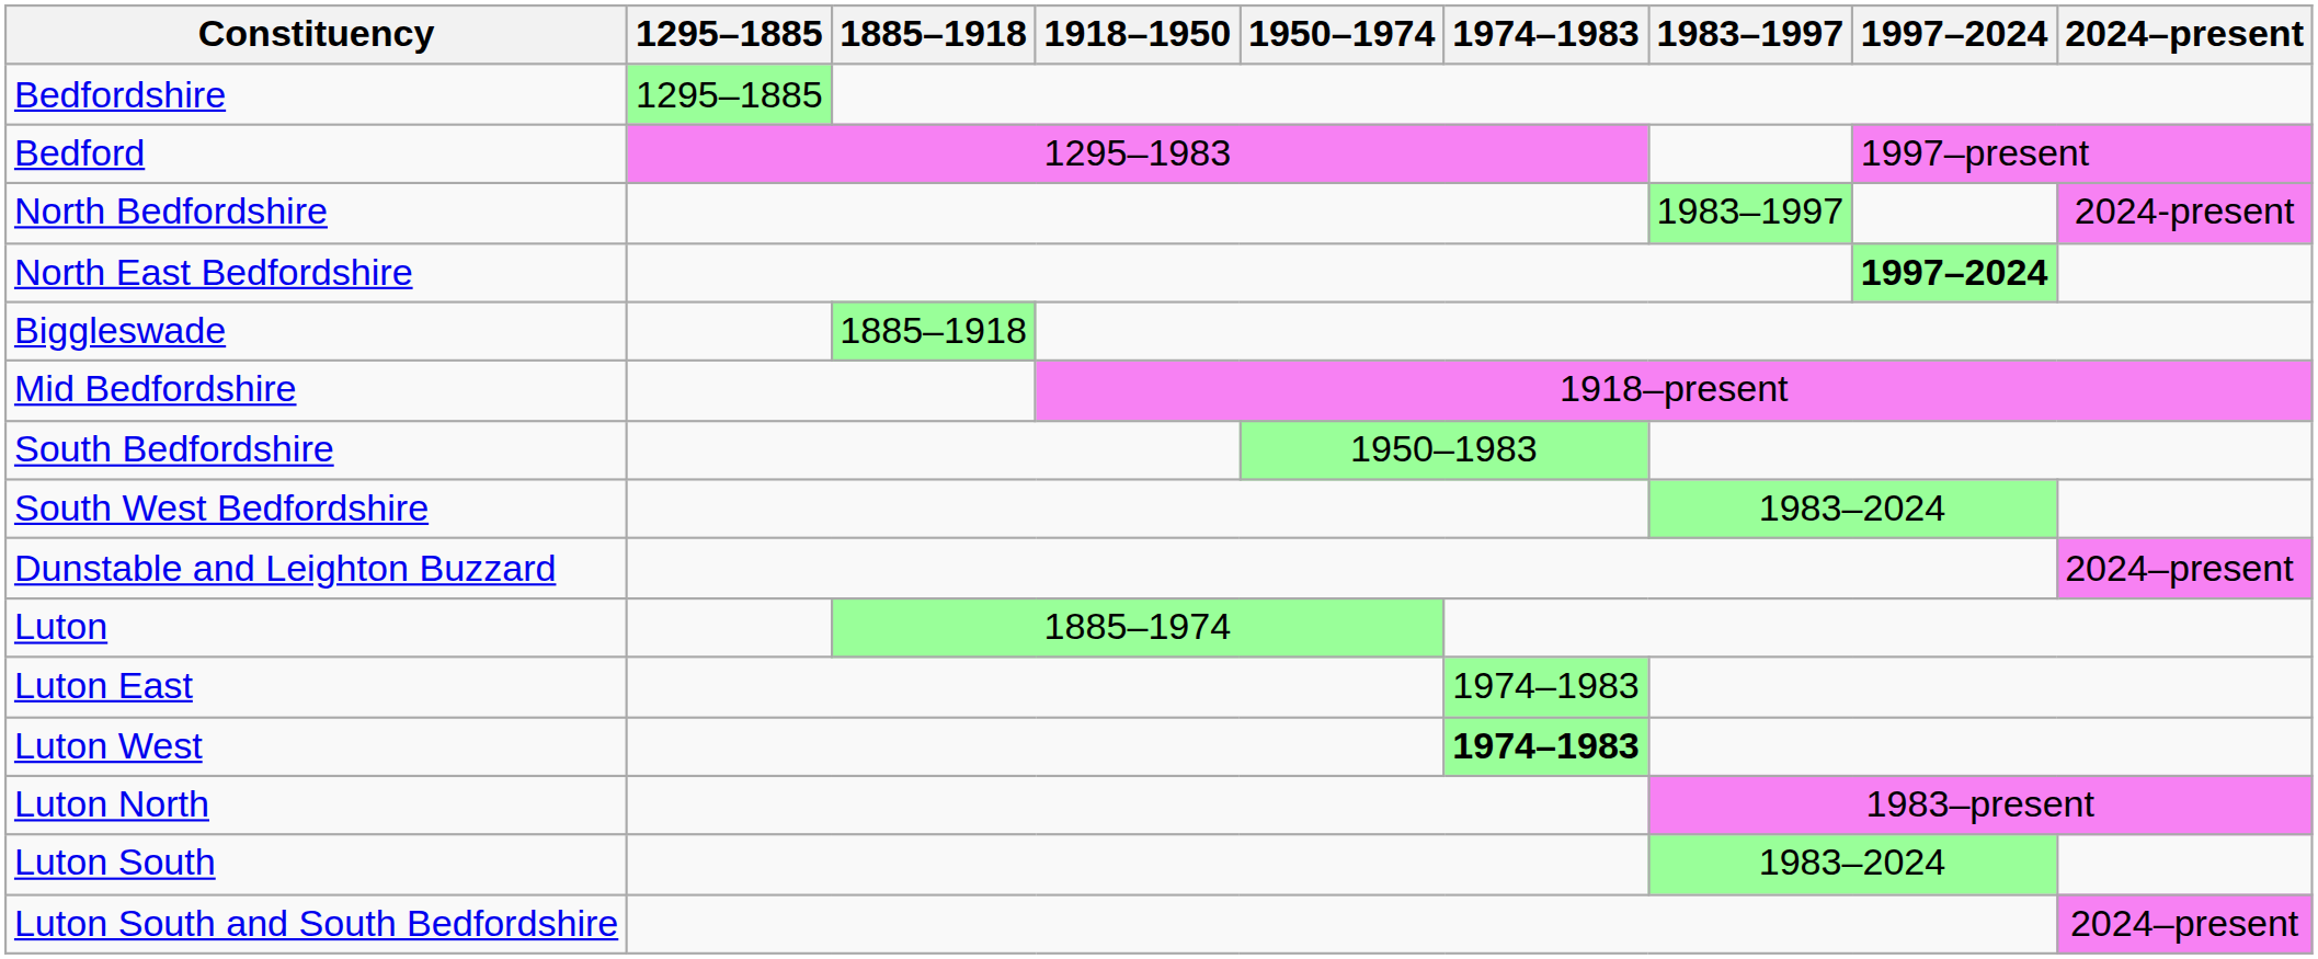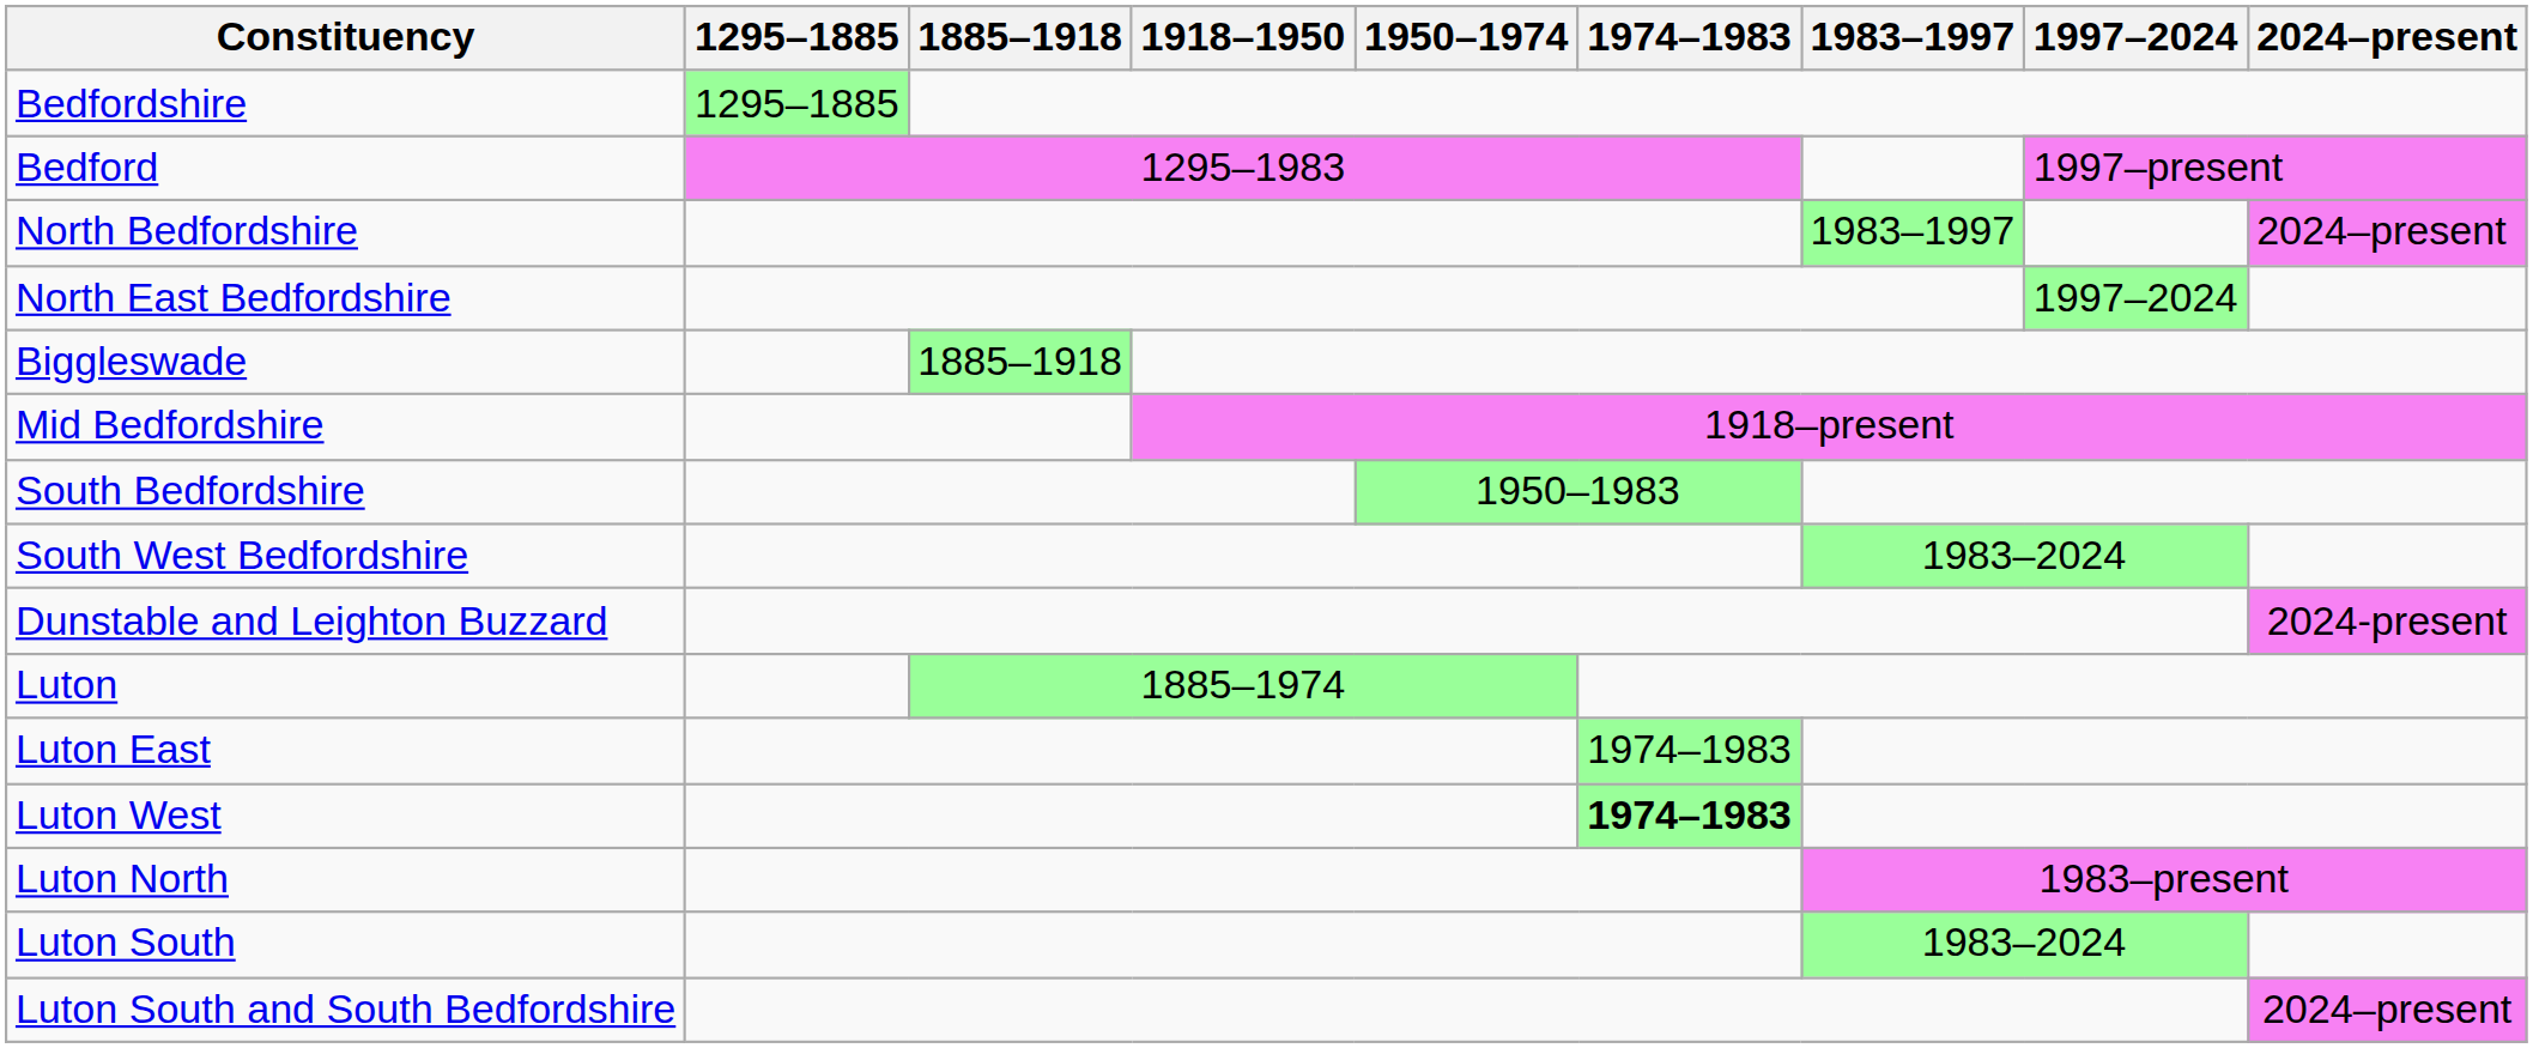 <table class="wikitable">
 <tr>
 <th>Constituency</th>
 <th>1295–1885</th>
 <th>1885–1918</th>
 <th>1918–1950</th>
 <th>1950–1974</th>
 <th>1974–1983</th>
 <th>1983–1997</th>
 <th>1997–2024</th>
 <th>2024–present</th>
 </tr>
 <tr>
 <td><a href='#'>Bedfordshire</a></td>
 <td bgcolor="#99ff99">1295–1885</td>
 <td colspan="7"></td>
 </tr>
 <tr>
 <td><a href='#'>Bedford</a></td>
 <td align="center" bgcolor="#f781f3" colspan="5">1295–1983</td>
 <td></td>
 <td bgcolor="#f781f3" colspan="2">1997–present</td>
 </tr>
 <tr>
 <td><a href='#'>North Bedfordshire</a></td>
 <td colspan="5"></td>
 <td bgcolor="#99ff99">1983–1997</td>
 <td></td>
-<td align="center" bgcolor="#f781f3">2024-present</td>
+<td bgcolor="#f781f3">2024–present</td>
 </tr>
 <tr>
 <td><a href='#'>North East Bedfordshire</a></td>
 <td colspan="6"></td>
-<td align="center" bgcolor="#99ff99"><strong>1997–2024</strong></td>
+<td align="center" bgcolor="#99ff99">1997–2024</td>
 <td></td>
 </tr>
 <tr>
 <td><a href='#'>Biggleswade</a></td>
 <td></td>
 <td bgcolor="#99ff99">1885–1918</td>
 <td colspan="6"></td>
 </tr>
 <tr>
 <td><a href='#'>Mid Bedfordshire</a></td>
 <td colspan="2"></td>
 <td align="center" bgcolor="#f781f3" colspan="6">1918–present</td>
 </tr>
 <tr>
 <td><a href='#'>South Bedfordshire</a></td>
 <td colspan="3"></td>
 <td align="center" bgcolor="#99ff99" colspan="2">1950–1983</td>
 <td colspan="3"></td>
 </tr>
 <tr>
 <td><a href='#'>South West Bedfordshire</a></td>
 <td colspan="5"></td>
 <td align="center" bgcolor="#99ff99" colspan="2">1983–2024</td>
 <td></td>
 </tr>
 <tr>
 <td><a href='#'> Dunstable and Leighton Buzzard</a></td>
 <td colspan="7"></td>
-<td bgcolor="#f781f3">2024–present</td>
+<td align="center" bgcolor="#f781f3">2024-present</td>
 </tr>
 <tr>
 <td><a href='#'>Luton</a></td>
 <td></td>
 <td align="center" bgcolor="#99ff99" colspan="3">1885–1974</td>
 <td colspan="4"></td>
 </tr>
 <tr>
 <td><a href='#'>Luton East</a></td>
 <td colspan="4"></td>
 <td bgcolor="#99ff99">1974–1983</td>
 <td colspan="3"></td>
 </tr>
 <tr>
 <td><a href='#'>Luton West</a></td>
 <td colspan="4"></td>
 <td bgcolor="#99ff99"><strong>1974–1983</strong></td>
 <td colspan="3"></td>
 </tr>
 <tr>
 <td><a href='#'>Luton North</a></td>
 <td colspan="5"></td>
 <td align="center" bgcolor="#f781f3" colspan="3">1983–present</td>
 </tr>
 <tr>
 <td><a href='#'>Luton South</a></td>
 <td colspan="5"></td>
 <td align="center" bgcolor="#99ff99" colspan="2">1983–2024</td>
 <td></td>
 </tr>
 <tr>
 <td><a href='#'> Luton South and South Bedfordshire</a></td>
 <td colspan="7"></td>
 <td align="center" bgcolor="#f781f3">2024–present</td>
 </tr>
 </table>
